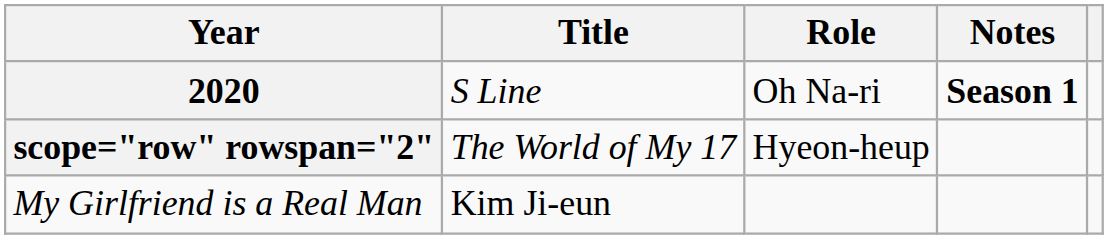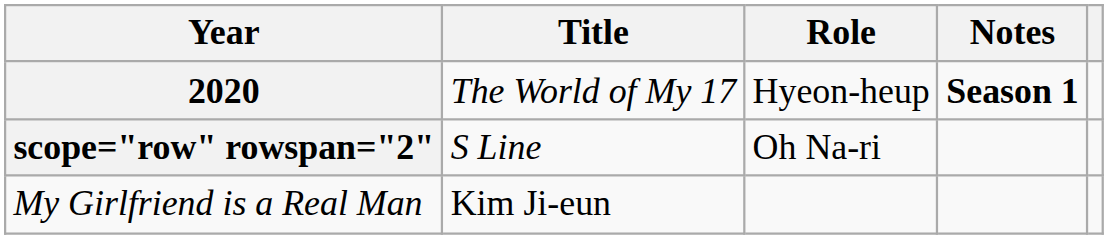 <table class="wikitable plainrowheaders sortable">
 <tr>
 <th scope="col">Year</th>
 <th scope="col">Title</th>
 <th scope="col">Role</th>
 <th scope="col">Notes</th>
 <th scope="col" class="unsortable"></th>
 </tr>
 <tr>
 <th scope="row">2020</th>
-<td><em>S Line</em></td>
-<td>Oh Na-ri</td>
+<td><em>The World of My 17</em></td>
+<td>Hyeon-heup</td>
 <td><strong>Season 1</strong></td>
 <td style="text-align:center"></td>
 </tr>
 <tr>
 <th>scope="row" rowspan="2" </th>
-<td><em>The World of My 17</em></td>
-<td>Hyeon-heup</td>
+<td><em>S Line</em></td>
+<td>Oh Na-ri</td>
 <td></td>
 <td style="text-align:center"></td>
 </tr>
 <tr>
 <td><em>My Girlfriend is a Real Man</em></td>
 <td>Kim Ji-eun</td>
 <td></td>
 <td style="text-align:center"></td>
 </tr>
 </table>
